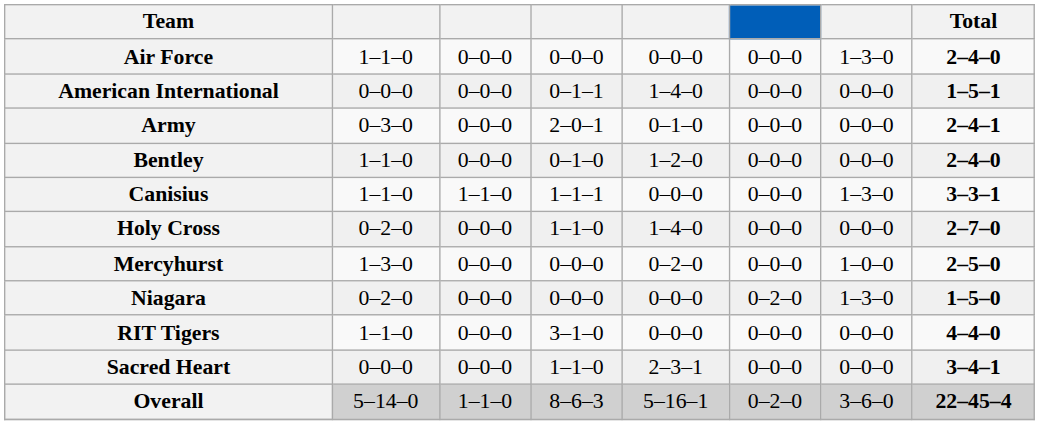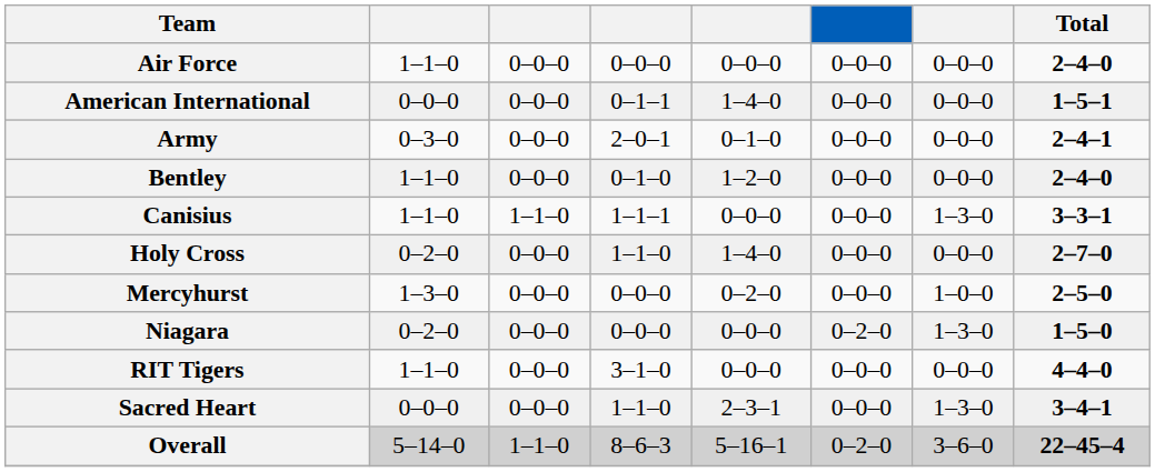 <table class="wikitable" style="text-align: center; "width=60%">
 <tr>
 <th>Team</th>
 <th><a href='#'></a></th>
 <th><a href='#'></a></th>
 <th><a href='#'></a></th>
 <th><a href='#'></a></th>
 <th style="color:white; background:#005EB8"><a href='#'></a></th>
 <th><a href='#'></a></th>
 <th>Total</th>
 </tr>
 <tr>
 <th>Air Force</th>
 <td>1–1–0</td>
 <td>0–0–0</td>
 <td>0–0–0</td>
 <td>0–0–0</td>
 <td>0–0–0</td>
-<td>1–3–0</td>
+<td>0–0–0</td>
 <td><strong>2–4–0</strong></td>
 </tr>
 <tr bgcolor=f0f0f0>
 <th>American International</th>
 <td>0–0–0</td>
 <td>0–0–0</td>
 <td>0–1–1</td>
 <td>1–4–0</td>
 <td>0–0–0</td>
 <td>0–0–0</td>
 <td><strong>1–5–1</strong></td>
 </tr>
 <tr>
 <th>Army</th>
 <td>0–3–0</td>
 <td>0–0–0</td>
 <td>2–0–1</td>
 <td>0–1–0</td>
 <td>0–0–0</td>
 <td>0–0–0</td>
 <td><strong>2–4–1</strong></td>
 </tr>
 <tr bgcolor=f0f0f0>
 <th>Bentley</th>
 <td>1–1–0</td>
 <td>0–0–0</td>
 <td>0–1–0</td>
 <td>1–2–0</td>
 <td>0–0–0</td>
 <td>0–0–0</td>
 <td><strong>2–4–0</strong></td>
 </tr>
 <tr>
 <th>Canisius</th>
 <td>1–1–0</td>
 <td>1–1–0</td>
 <td>1–1–1</td>
 <td>0–0–0</td>
 <td>0–0–0</td>
 <td>1–3–0</td>
 <td><strong>3–3–1</strong></td>
 </tr>
 <tr bgcolor=f0f0f0>
 <th>Holy Cross</th>
 <td>0–2–0</td>
 <td>0–0–0</td>
 <td>1–1–0</td>
 <td>1–4–0</td>
 <td>0–0–0</td>
 <td>0–0–0</td>
 <td><strong>2–7–0</strong></td>
 </tr>
 <tr>
 <th>Mercyhurst</th>
 <td>1–3–0</td>
 <td>0–0–0</td>
 <td>0–0–0</td>
 <td>0–2–0</td>
 <td>0–0–0</td>
 <td>1–0–0</td>
 <td><strong>2–5–0</strong></td>
 </tr>
 <tr bgcolor=f0f0f0>
 <th>Niagara</th>
 <td>0–2–0</td>
 <td>0–0–0</td>
 <td>0–0–0</td>
 <td>0–0–0</td>
 <td>0–2–0</td>
 <td>1–3–0</td>
 <td><strong>1–5–0</strong></td>
 </tr>
 <tr>
 <th>RIT Tigers</th>
 <td>1–1–0</td>
 <td>0–0–0</td>
 <td>3–1–0</td>
 <td>0–0–0</td>
 <td>0–0–0</td>
 <td>0–0–0</td>
 <td><strong>4–4–0</strong></td>
 </tr>
 <tr bgcolor=f0f0f0>
 <th>Sacred Heart</th>
 <td>0–0–0</td>
 <td>0–0–0</td>
 <td>1–1–0</td>
 <td>2–3–1</td>
 <td>0–0–0</td>
-<td>0–0–0</td>
+<td>1–3–0</td>
 <td><strong>3–4–1</strong></td>
 </tr>
 <tr bgcolor=d0d0d0>
 <th>Overall</th>
 <td>5–14–0</td>
 <td>1–1–0</td>
 <td>8–6–3</td>
 <td>5–16–1</td>
 <td>0–2–0</td>
 <td>3–6–0</td>
 <td><strong>22–45–4</strong></td>
 </tr>
 <tr>
 </tr>
 </table>
